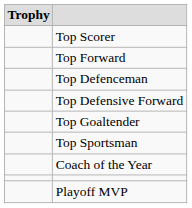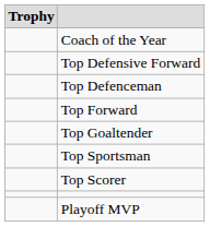 <table class="wikitable">
 <tr align="center" style="font-weight:bold; background-color:#dddddd;" |>
 <td align="left">Trophy</td>
 <td></td>
 </tr>
 <tr>
 <td></td>
-<td>Top Scorer</td>
+<td>Coach of the Year</td>
 </tr>
 <tr>
 <td></td>
-<td>Top Forward</td>
+<td>Top Defensive Forward</td>
 </tr>
 <tr>
 <td></td>
 <td>Top Defenceman</td>
 </tr>
 <tr>
 <td></td>
-<td>Top Defensive Forward</td>
+<td>Top Forward</td>
 </tr>
 <tr>
 <td></td>
 <td>Top Goaltender</td>
 </tr>
 <tr>
 <td></td>
 <td>Top Sportsman</td>
 </tr>
 <tr>
 <td></td>
-<td>Coach of the Year</td>
+<td>Top Scorer</td>
 </tr>
 <tr>
 <td></td>
 <td></td>
 </tr>
 <tr>
 <td></td>
 <td>Playoff MVP</td>
 </tr>
 </table>
